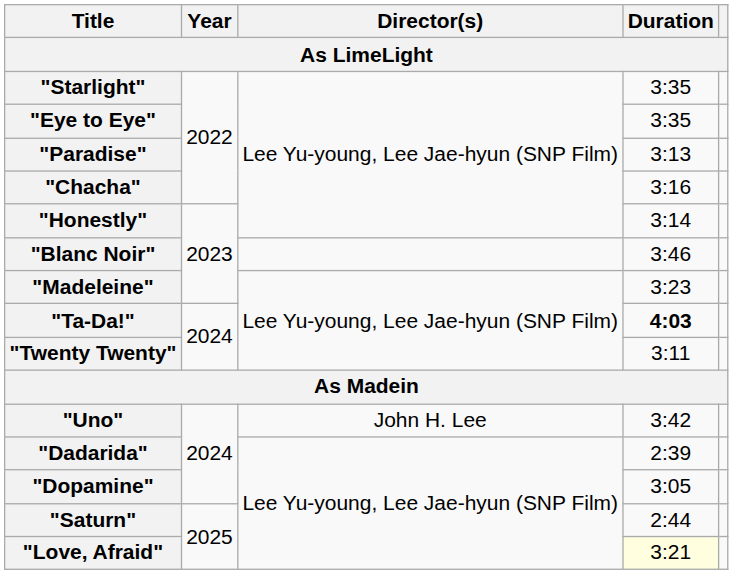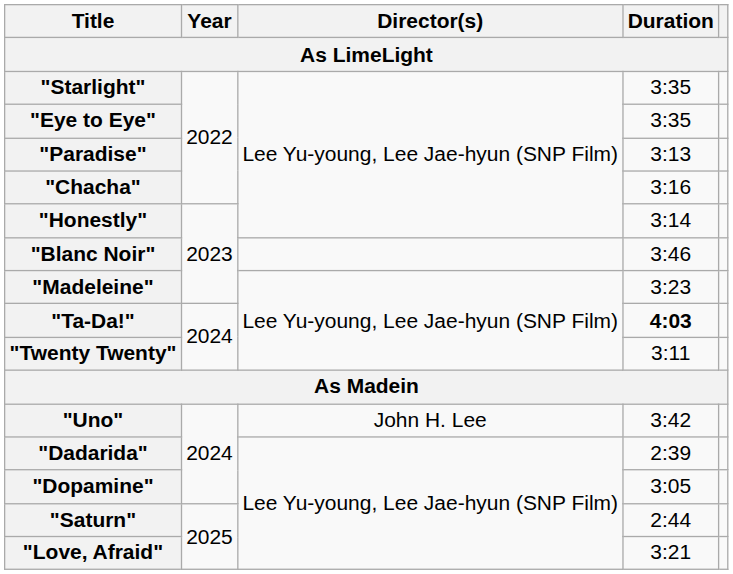 <table class="wikitable plainrowheaders" style="text-align:center">
 <tr>
 <th scope="col">Title</th>
 <th scope="col">Year</th>
 <th scope="col">Director(s)</th>
 <th scope="col">Duration</th>
 <th scope="col"></th>
 </tr>
 <tr>
 <th scope="col" colspan="5">As LimeLight</th>
 </tr>
 <tr>
 <th scope="row">"Starlight"</th>
 <td rowspan="4">2022</td>
 <td rowspan="5">Lee Yu-young, Lee Jae-hyun (SNP Film)</td>
 <td>3:35</td>
 <td></td>
 </tr>
 <tr>
 <th scope="row">"Eye to Eye"</th>
 <td>3:35</td>
 <td></td>
 </tr>
 <tr>
 <th scope="row">"Paradise"</th>
 <td>3:13</td>
 <td></td>
 </tr>
 <tr>
 <th scope="row">"Chacha"</th>
 <td>3:16</td>
 <td></td>
 </tr>
 <tr>
 <th scope="row">"Honestly"</th>
 <td rowspan="3">2023</td>
 <td>3:14</td>
 <td></td>
 </tr>
 <tr>
 <th scope="row">"Blanc Noir"</th>
 <td></td>
 <td>3:46</td>
 <td></td>
 </tr>
 <tr>
 <th scope="row">"Madeleine"</th>
 <td rowspan="3">Lee Yu-young, Lee Jae-hyun (SNP Film)</td>
 <td>3:23</td>
 <td></td>
 </tr>
 <tr>
 <th scope="row">"Ta-Da!"</th>
 <td rowspan="2">2024</td>
 <td><strong>4:03</strong></td>
 <td></td>
 </tr>
 <tr>
 <th scope="row">"Twenty Twenty"</th>
 <td>3:11</td>
 <td></td>
 </tr>
 <tr>
 <th scope="col" colspan="5">As Madein</th>
 </tr>
 <tr>
 <th scope="row">"Uno"</th>
 <td rowspan="3">2024</td>
 <td>John H. Lee</td>
 <td>3:42</td>
 <td></td>
 </tr>
 <tr>
 <th scope="row">"Dadarida"</th>
 <td rowspan="4">Lee Yu-young, Lee Jae-hyun (SNP Film)</td>
 <td>2:39</td>
 <td></td>
 </tr>
 <tr>
 <th scope="row">"Dopamine"</th>
 <td>3:05</td>
 <td></td>
 </tr>
 <tr>
 <th scope="row">"Saturn"</th>
 <td rowspan="2">2025</td>
 <td>2:44</td>
 <td></td>
 </tr>
 <tr>
 <th scope="row">"Love, Afraid"</th>
-<td style="background: lightyellow;">3:21</td>
+<td>3:21</td>
 <td></td>
 </tr>
 </table>
